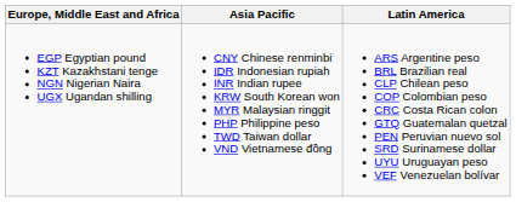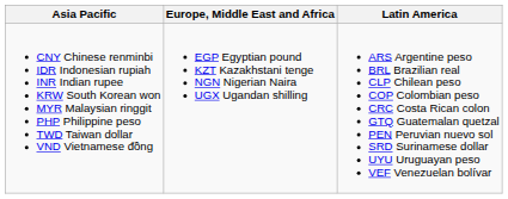 <table class="wikitable">
 <tr>
+<th>Asia Pacific</th>
 <th>Europe, Middle East and Africa</th>
-<th>Asia Pacific</th>
 <th>Latin America</th>
 </tr>
 <tr valign="top">
+<td><br><ul><li><a href='#'>CNY</a> Chinese renminbi</li><li><a href='#'>IDR</a> Indonesian rupiah</li><li><a href='#'>INR</a> Indian rupee</li><li><a href='#'>KRW</a> South Korean won</li><li><a href='#'>MYR</a> Malaysian ringgit</li><li><a href='#'>PHP</a> Philippine peso</li><li><a href='#'>TWD</a> Taiwan dollar</li><li><a href='#'>VND</a> Vietnamese đồng</li></ul></td>
 <td><br><ul><li><a href='#'>EGP</a> Egyptian pound</li><li><a href='#'>KZT</a> Kazakhstani tenge</li><li><a href='#'>NGN</a> Nigerian Naira</li><li><a href='#'>UGX</a> Ugandan shilling</li></ul></td>
-<td><br><ul><li><a href='#'>CNY</a> Chinese renminbi</li><li><a href='#'>IDR</a> Indonesian rupiah</li><li><a href='#'>INR</a> Indian rupee</li><li><a href='#'>KRW</a> South Korean won</li><li><a href='#'>MYR</a> Malaysian ringgit</li><li><a href='#'>PHP</a> Philippine peso</li><li><a href='#'>TWD</a> Taiwan dollar</li><li><a href='#'>VND</a> Vietnamese đồng</li></ul></td>
 <td><br><ul><li><a href='#'>ARS</a> Argentine peso</li><li><a href='#'>BRL</a> Brazilian real</li><li><a href='#'>CLP</a> Chilean peso</li><li><a href='#'>COP</a> Colombian peso</li><li><a href='#'>CRC</a> Costa Rican colon</li><li><a href='#'>GTQ</a> Guatemalan quetzal </li><li><a href='#'>PEN</a> Peruvian nuevo sol</li><li><a href='#'>SRD</a> Surinamese dollar</li><li><a href='#'>UYU</a> Uruguayan peso</li><li><a href='#'>VEF</a> Venezuelan bolívar</li></ul></td>
 </tr>
 </table>
